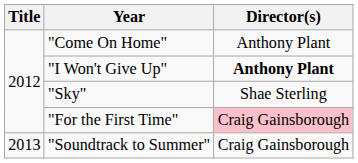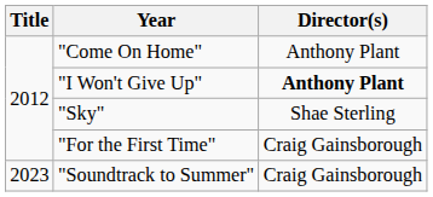 <table class="wikitable plainrowheaders" style="text-align:center;">
 <tr>
 <th scope="col">Title</th>
 <th scope="col">Year</th>
 <th scope="col">Director(s)</th>
 </tr>
 <tr>
 <td rowspan="4">2012</td>
 <td scope="row" align="left">"Come On Home"</td>
 <td>Anthony Plant</td>
 </tr>
 <tr>
 <td scope="row" align="left">"I Won't Give Up"</td>
 <td><strong>Anthony Plant</strong></td>
 </tr>
 <tr>
 <td scope="row" align="left">"Sky"</td>
 <td>Shae Sterling</td>
 </tr>
 <tr>
 <td scope="row" align="left">"For the First Time"</td>
-<td style="background: pink;">Craig Gainsborough</td>
+<td>Craig Gainsborough</td>
 </tr>
 <tr>
-<td rowspan="1">2013</td>
+<td rowspan="1">2023</td>
 <td scope="row" align="left">"Soundtrack to Summer"</td>
 <td>Craig Gainsborough</td>
 </tr>
 </table>
